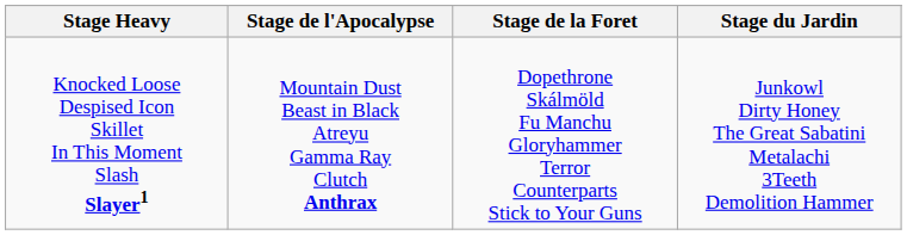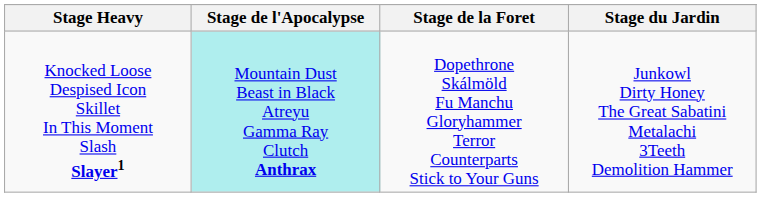 <table class="wikitable" style="text-align:center; vertical-align:top; width:710px">
 <tr>
 </tr>
 <tr>
 <th>Stage Heavy</th>
 <th>Stage de l'Apocalypse</th>
 <th>Stage de la Foret</th>
 <th>Stage du Jardin</th>
 </tr>
 <tr>
 <td style="width:175px;"><br><a href='#'>Knocked Loose</a><br> <a href='#'>Despised Icon</a><br> <a href='#'>Skillet</a><br> <a href='#'>In This Moment</a><br> <a href='#'>Slash</a><br> <strong><a href='#'>Slayer</a><sup>1</sup></strong></td>
-<td style="width:175px;"><br><a href='#'>Mountain Dust</a><br> <a href='#'>Beast in Black</a><br> <a href='#'>Atreyu</a><br> <a href='#'>Gamma Ray</a><br> <a href='#'>Clutch</a><br> <strong><a href='#'>Anthrax</a></strong></td>
+<td style="background: paleturquoise; width:175px;"><br><a href='#'>Mountain Dust</a><br> <a href='#'>Beast in Black</a><br> <a href='#'>Atreyu</a><br> <a href='#'>Gamma Ray</a><br> <a href='#'>Clutch</a><br> <strong><a href='#'>Anthrax</a></strong></td>
 <td style="width:175px;"><br><a href='#'>Dopethrone</a><br> <a href='#'>Skálmöld</a><br> <a href='#'>Fu Manchu</a><br> <a href='#'>Gloryhammer</a><br> <a href='#'>Terror</a><br> <a href='#'>Counterparts</a><br> <a href='#'>Stick to Your Guns</a></td>
 <td style="width:175px;"><br><a href='#'>Junkowl</a><br> <a href='#'>Dirty Honey</a><br> <a href='#'>The Great Sabatini</a><br> <a href='#'>Metalachi</a><br> <a href='#'>3Teeth</a><br> <a href='#'>Demolition Hammer</a></td>
 </tr>
 </table>
